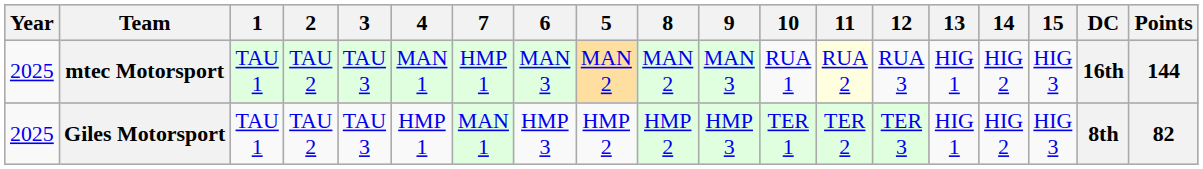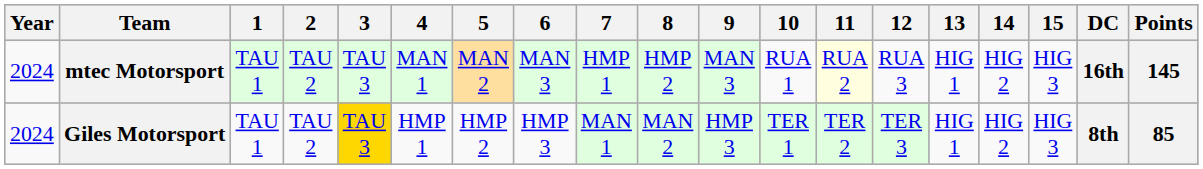 <table class="wikitable" style="text-align:center; font-size:85%">
 <tr>
 <th>Year</th>
 <th>Team</th>
 <th>1</th>
 <th>2</th>
 <th>3</th>
 <th>4</th>
+<th>5</th>
+<th>6</th>
 <th>7</th>
-<th>6</th>
-<th>5</th>
 <th>8</th>
 <th>9</th>
 <th>10</th>
 <th>11</th>
 <th>12</th>
 <th>13</th>
 <th>14</th>
 <th>15</th>
 <th>DC</th>
 <th>Points</th>
 </tr>
 <tr>
-<td><a href='#'>2025</a></td>
+<td><a href='#'>2024</a></td>
 <th nowrap>mtec Motorsport</th>
 <td style=background:#DFFFDF><a href='#'>TAU<br>1</a><br></td>
 <td style=background:#DFFFDF><a href='#'>TAU<br>2</a><br></td>
 <td style=background:#DFFFDF><a href='#'>TAU<br>3</a><br></td>
 <td style=background:#DFFFDF><a href='#'>MAN<br>1</a><br></td>
+<td style=background:#FFDF9F><a href='#'>MAN<br>2</a><br></td>
+<td style=background:#DFFFDF><a href='#'>MAN<br>3</a><br></td>
 <td style=background:#DFFFDF><a href='#'>HMP<br>1</a><br></td>
-<td style=background:#DFFFDF><a href='#'>MAN<br>3</a><br></td>
-<td style=background:#FFDF9F><a href='#'>MAN<br>2</a><br></td>
-<td style="background:#DFFFDF;"><a href='#'>MAN<br>2</a><br></td>
+<td style="background:#DFFFDF"><a href='#'>HMP<br>2</a><br></td>
 <td style="background:#DFFFDF;"><a href='#'>MAN<br>3</a><br></td>
 <td><a href='#'>RUA<br>1</a></td>
 <td style="background: lightyellow;"><a href='#'>RUA<br>2</a></td>
 <td><a href='#'>RUA<br>3</a></td>
 <td><a href='#'>HIG<br>1</a></td>
 <td><a href='#'>HIG<br>2</a></td>
 <td><a href='#'>HIG<br>3</a></td>
 <th>16th</th>
-<th>144</th>
+<th>145</th>
 </tr>
 <tr>
-<td><a href='#'>2025</a></td>
+<td><a href='#'>2024</a></td>
 <th nowrap>Giles Motorsport</th>
 <td><a href='#'>TAU<br>1</a></td>
 <td><a href='#'>TAU<br>2</a></td>
-<td><a href='#'>TAU<br>3</a></td>
+<td style="background: gold;"><a href='#'>TAU<br>3</a></td>
 <td><a href='#'>HMP<br>1</a></td>
+<td><a href='#'>HMP<br>2</a></td>
+<td><a href='#'>HMP<br>3</a></td>
 <td style="background:#DFFFDF"><a href='#'>MAN<br>1</a><br></td>
-<td><a href='#'>HMP<br>3</a></td>
-<td><a href='#'>HMP<br>2</a></td>
-<td style="background:#DFFFDF"><a href='#'>HMP<br>2</a><br></td>
+<td style="background:#DFFFDF;"><a href='#'>MAN<br>2</a><br></td>
 <td style="background:#DFFFDF"><a href='#'>HMP<br>3</a><br></td>
 <td style=background:#DFFFDF><a href='#'>TER<br>1</a><br></td>
 <td style="background:#DFFFDF;"><a href='#'>TER<br>2</a><br></td>
 <td style="background:#DFFFDF;"><a href='#'>TER<br>3</a><br></td>
 <td><a href='#'>HIG<br>1</a></td>
 <td><a href='#'>HIG<br>2</a></td>
 <td><a href='#'>HIG<br>3</a></td>
 <th>8th</th>
-<th>82</th>
+<th>85</th>
 </tr>
 </table>
